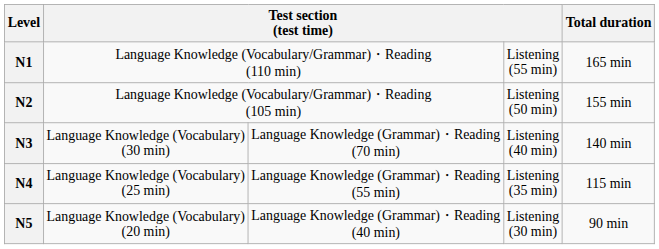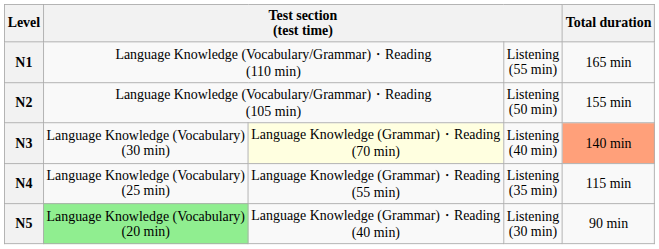 <table class="wikitable">
 <tr>
 <th>Level</th>
 <th colspan="3">Test section<br>(test time)</th>
 <th>Total duration</th>
 </tr>
 <tr>
 <th style="text-align:center;">N1</th>
 <td style="text-align:center;" colspan="2">Language Knowledge (Vocabulary/Grammar)・Reading<br>(110 min)</td>
 <td style="text-align:center;">Listening<br>(55 min)</td>
 <td style="text-align:center;">165 min</td>
 </tr>
 <tr>
 <th style="text-align:center;">N2</th>
 <td style="text-align:center;" colspan="2">Language Knowledge (Vocabulary/Grammar)・Reading<br>(105 min)</td>
 <td style="text-align:center;">Listening<br>(50 min)</td>
 <td style="text-align:center;">155 min</td>
 </tr>
 <tr>
 <th style="text-align:center;">N3</th>
 <td style="text-align:center;">Language Knowledge (Vocabulary)<br>(30 min)</td>
-<td style="text-align:center;">Language Knowledge (Grammar)・Reading<br>(70 min)</td>
+<td style="background: lightyellow; text-align:center;">Language Knowledge (Grammar)・Reading<br>(70 min)</td>
 <td style="text-align:center;">Listening<br>(40 min)</td>
-<td style="text-align:center;">140 min</td>
+<td style="background: lightsalmon; text-align:center;">140 min</td>
 </tr>
 <tr>
 <th style="text-align:center;">N4</th>
 <td style="text-align:center;">Language Knowledge (Vocabulary)<br>(25 min)</td>
 <td style="text-align:center;">Language Knowledge (Grammar)・Reading<br>(55 min)</td>
 <td style="text-align:center;">Listening<br>(35 min)</td>
 <td style="text-align:center;">115 min</td>
 </tr>
 <tr>
 <th style="text-align:center;">N5</th>
-<td style="text-align:center;">Language Knowledge (Vocabulary)<br>(20 min)</td>
+<td style="background: lightgreen; text-align:center;">Language Knowledge (Vocabulary)<br>(20 min)</td>
 <td style="text-align:center;">Language Knowledge (Grammar)・Reading<br>(40 min)</td>
 <td style="text-align:center;">Listening<br>(30 min)</td>
 <td style="text-align:center;">90 min</td>
 </tr>
 </table>
